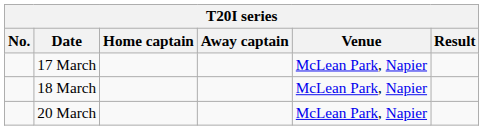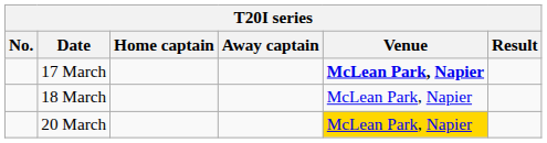 <table class="wikitable">
 <tr>
 <th colspan="9">T20I series</th>
 </tr>
 <tr>
 <th>No.</th>
 <th>Date</th>
 <th>Home captain</th>
 <th>Away captain</th>
 <th>Venue</th>
 <th>Result</th>
 </tr>
 <tr>
 <td></td>
 <td>17 March</td>
 <td></td>
 <td></td>
-<td><a href='#'>McLean Park</a>, <a href='#'>Napier</a></td>
+<td><strong><a href='#'>McLean Park</a>, <a href='#'>Napier</a></strong></td>
 <td></td>
 </tr>
 <tr>
 <td></td>
 <td>18 March</td>
 <td></td>
 <td></td>
 <td><a href='#'>McLean Park</a>, <a href='#'>Napier</a></td>
 <td></td>
 </tr>
 <tr>
 <td></td>
 <td>20 March</td>
 <td></td>
 <td></td>
-<td><a href='#'>McLean Park</a>, <a href='#'>Napier</a></td>
+<td style="background: gold;"><a href='#'>McLean Park</a>, <a href='#'>Napier</a></td>
 <td></td>
 </tr>
 </table>
